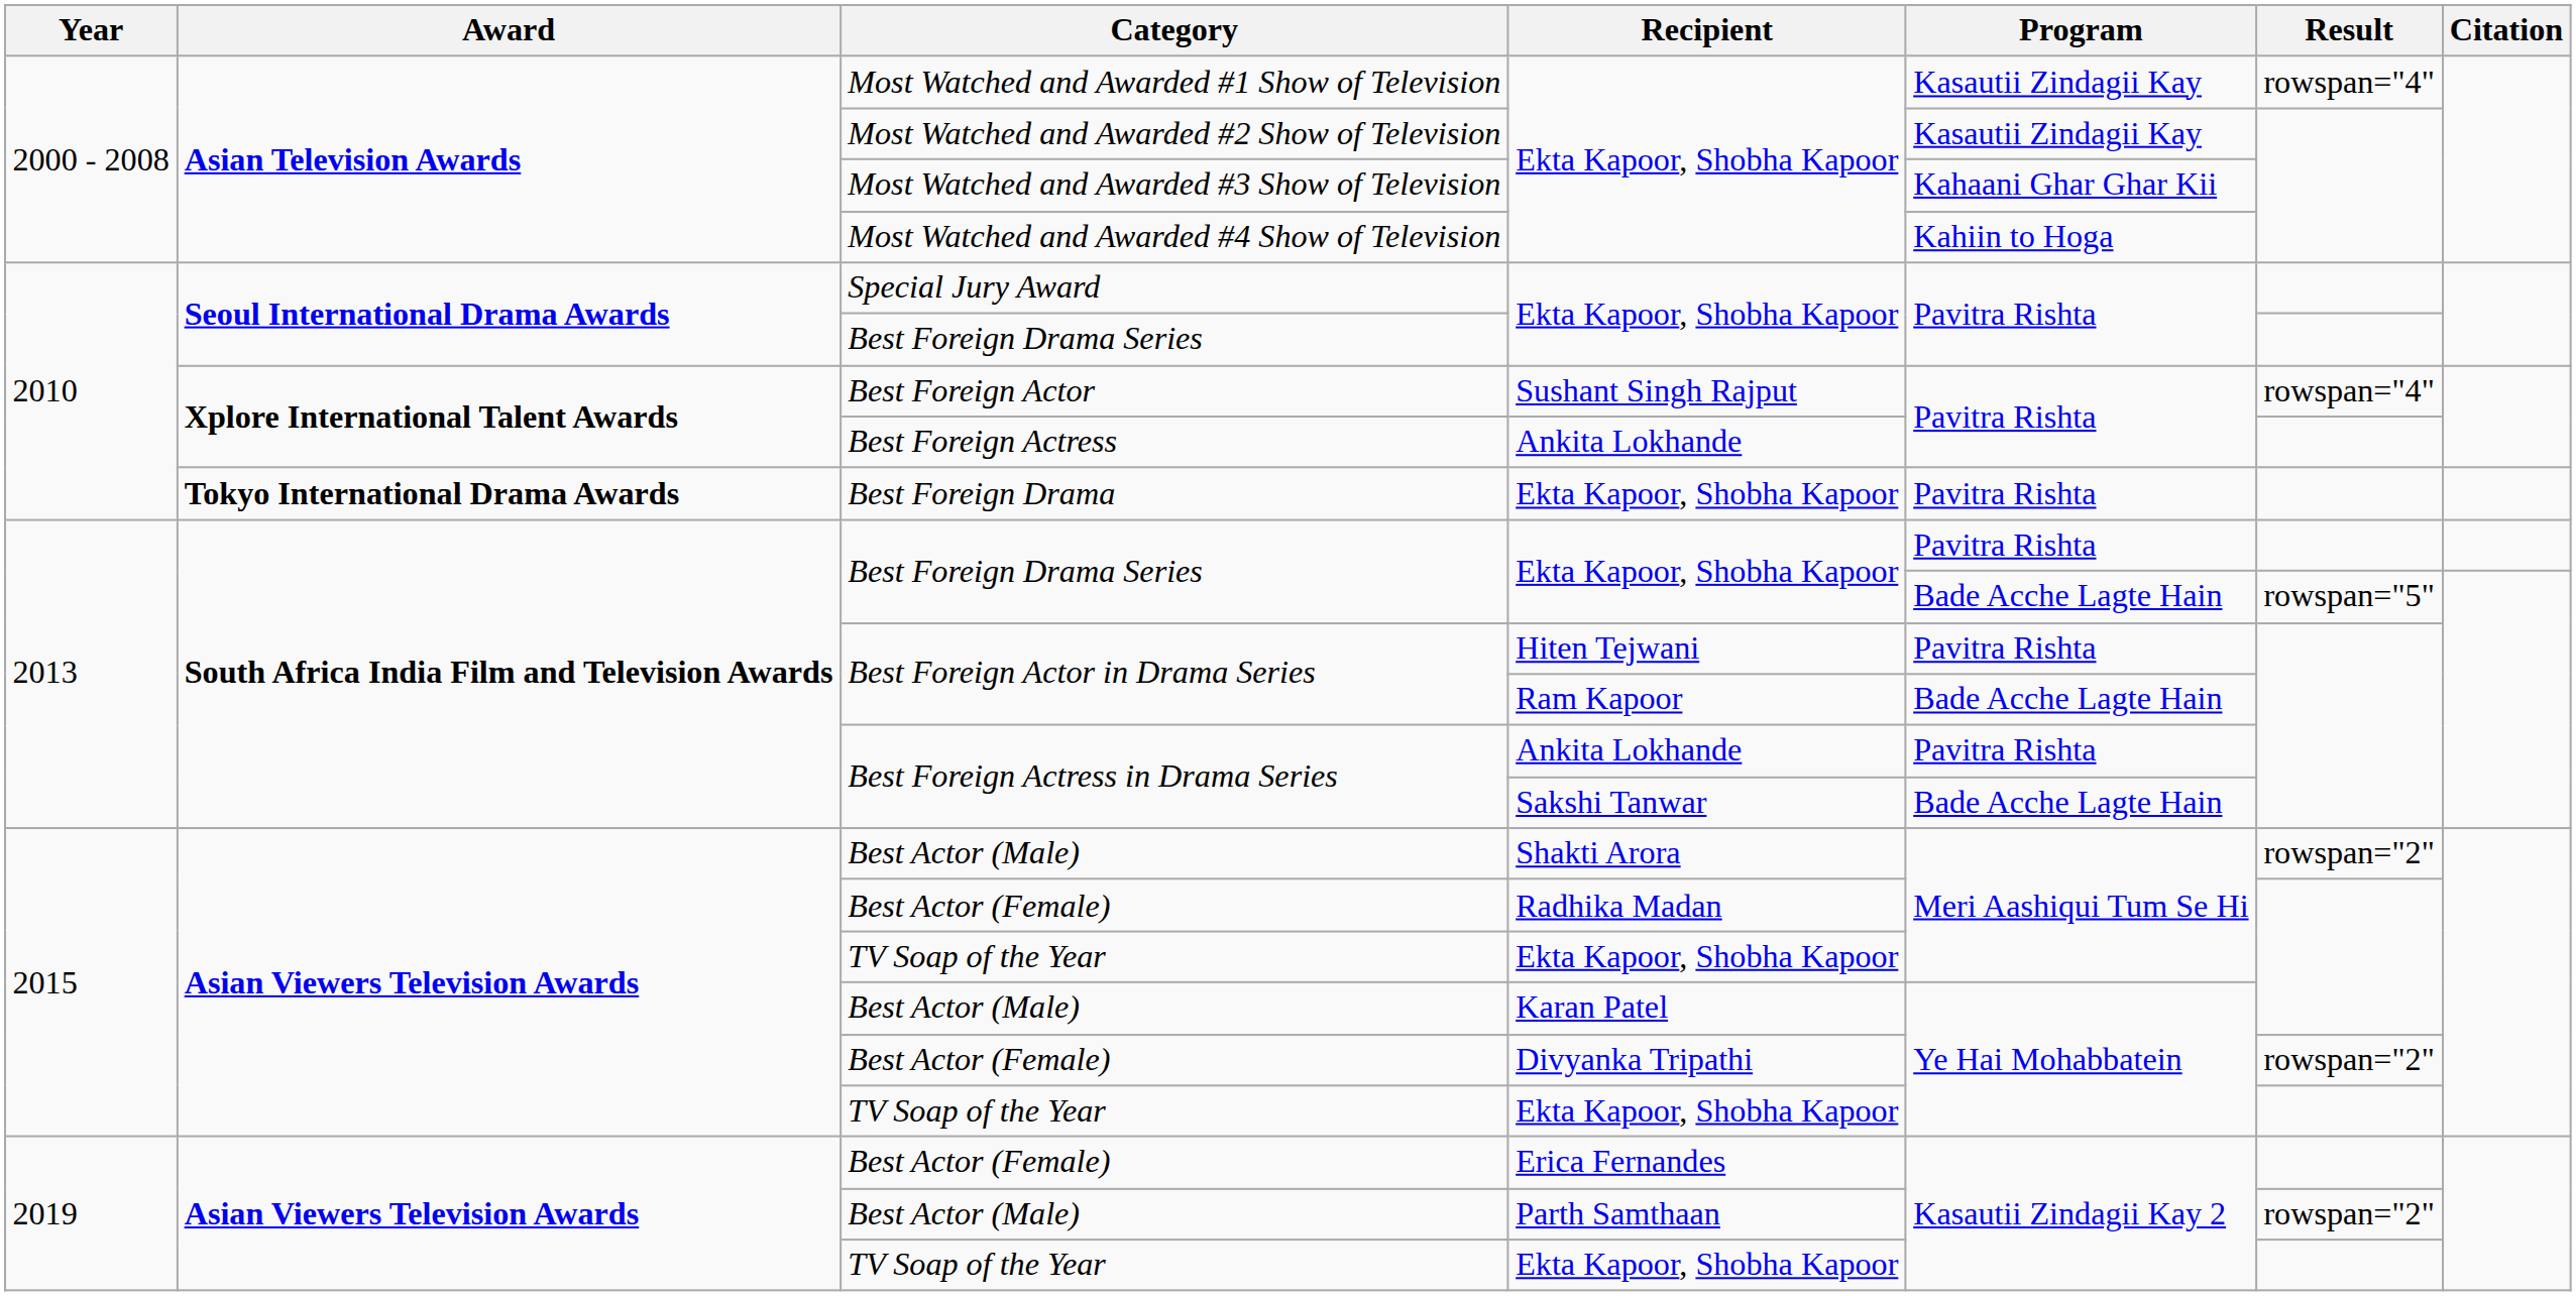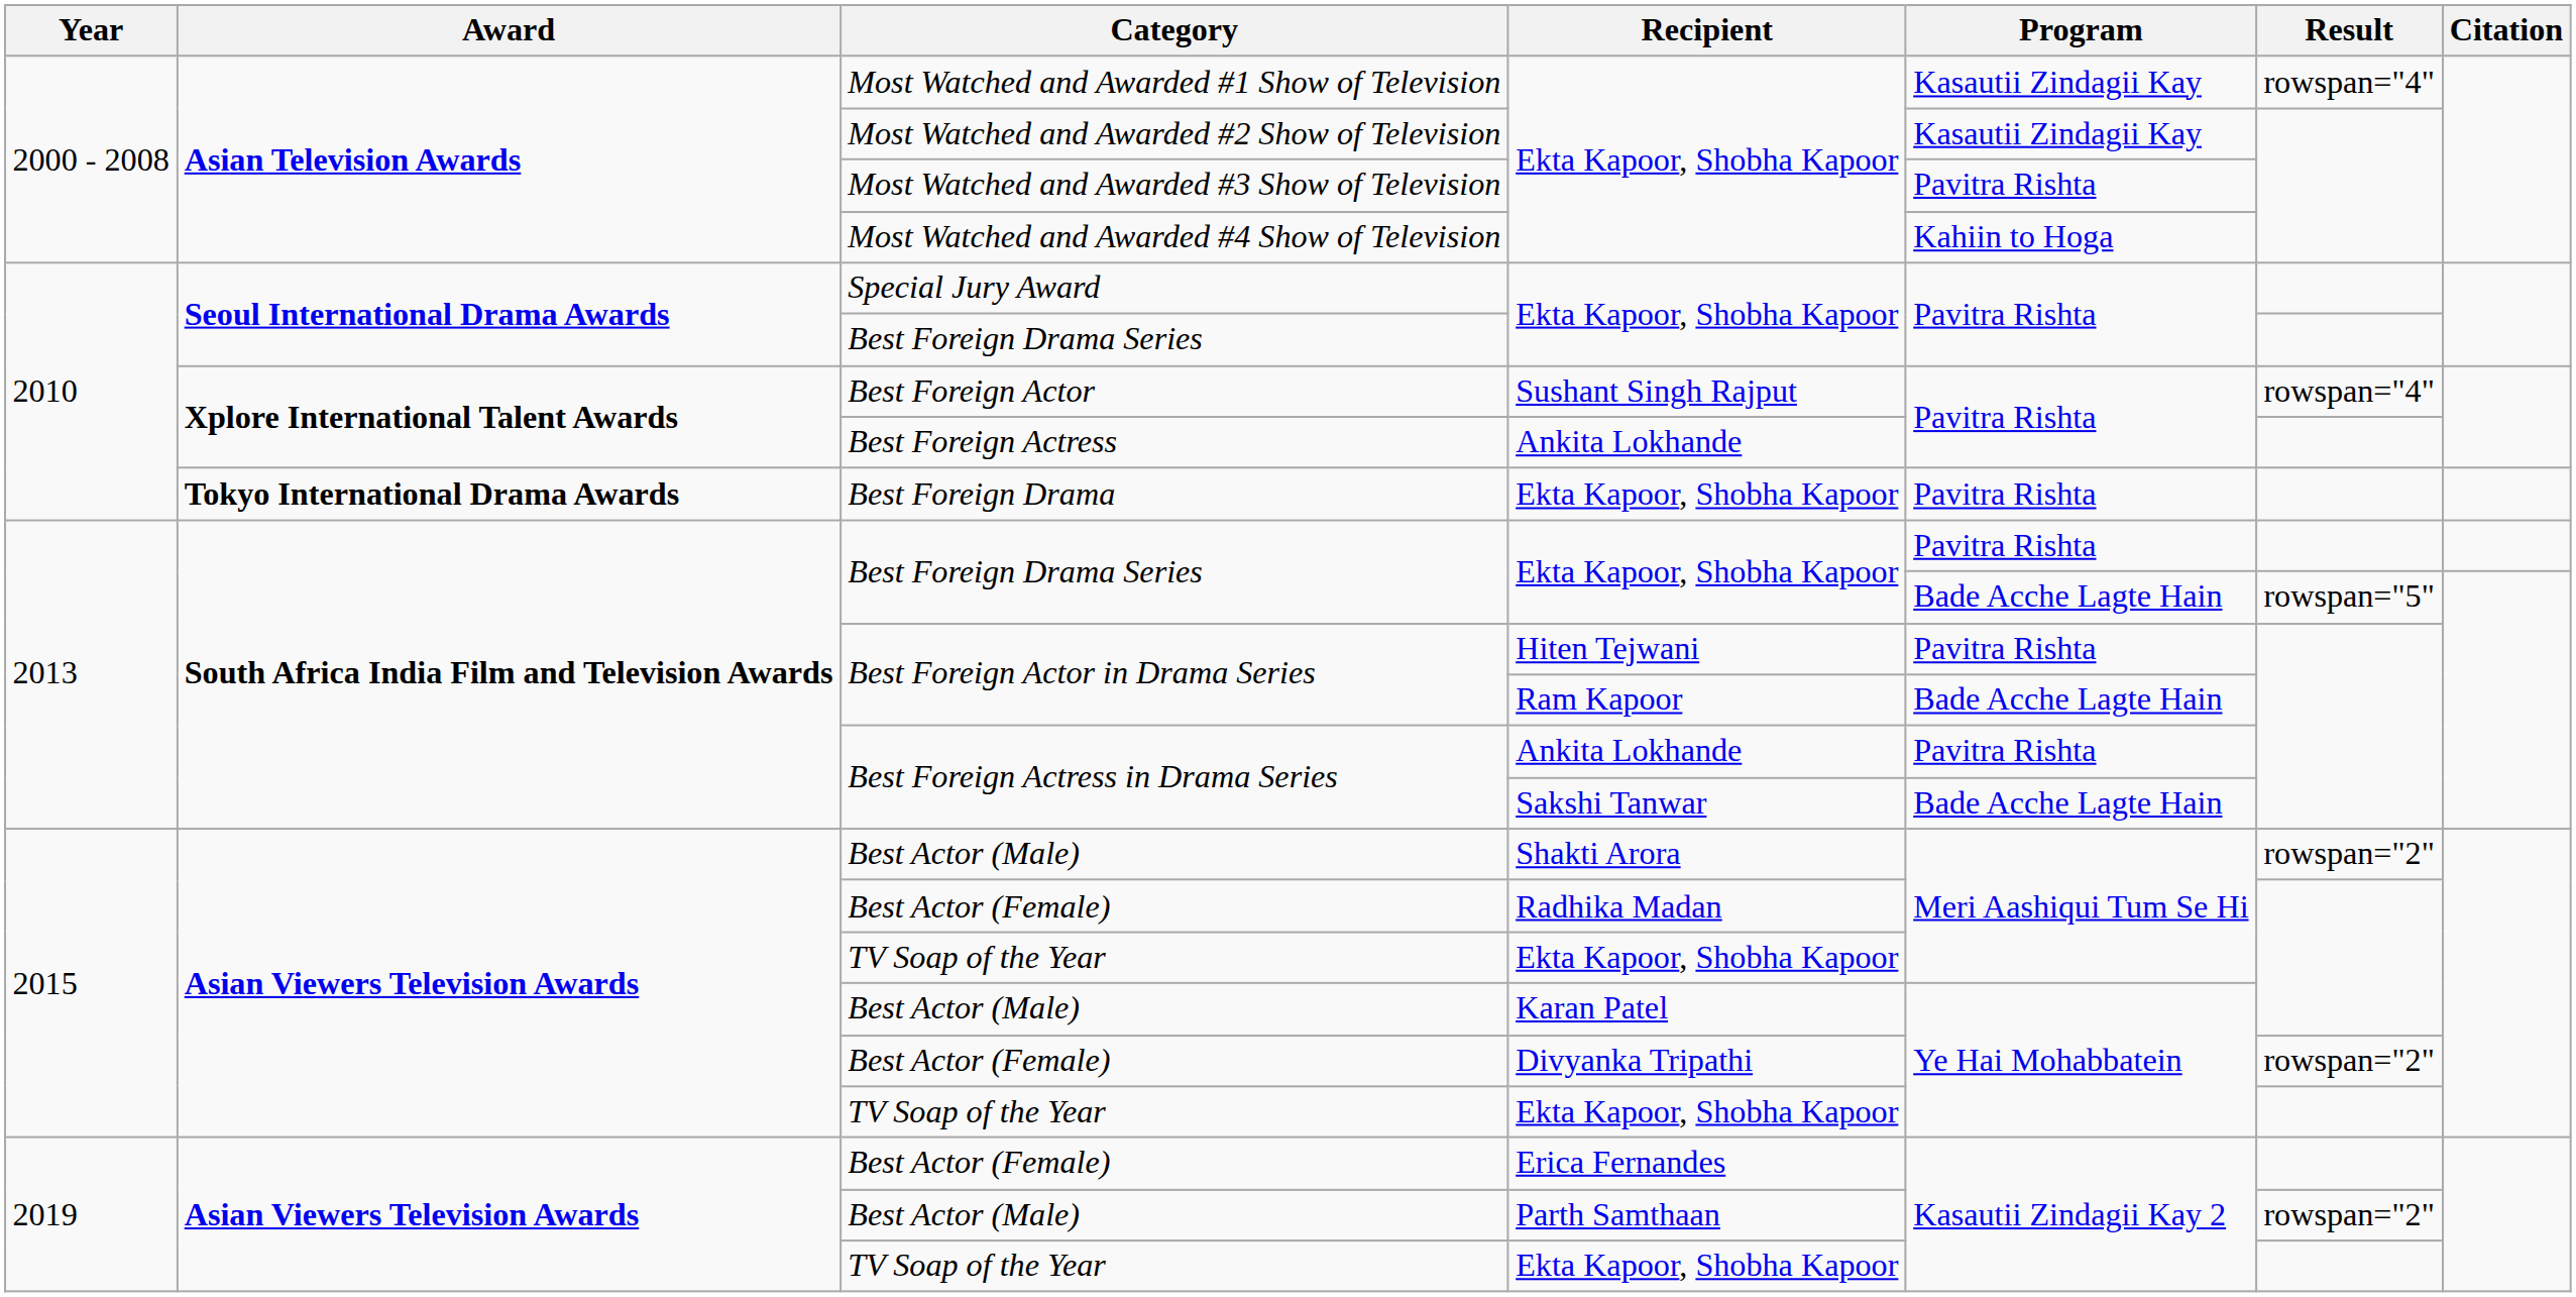 <table class="wikitable">
 <tr>
 <th>Year</th>
 <th>Award</th>
 <th>Category</th>
 <th>Recipient</th>
 <th>Program</th>
 <th>Result</th>
 <th>Citation</th>
 </tr>
 <tr>
 <td rowspan="4">2000 - 2008</td>
 <td rowspan="4"><strong><a href='#'>Asian Television Awards</a></strong></td>
 <td><em>Most Watched and Awarded #1 Show of Television</em></td>
 <td rowspan="4"><a href='#'>Ekta Kapoor</a>, <a href='#'>Shobha Kapoor</a></td>
 <td><a href='#'>Kasautii Zindagii Kay</a></td>
 <td>rowspan="4" </td>
 <td rowspan="4"></td>
 </tr>
 <tr>
 <td><em>Most Watched and Awarded #2 Show of Television</em></td>
 <td><a href='#'>Kasautii Zindagii Kay</a></td>
 </tr>
 <tr>
 <td><em>Most Watched and Awarded #3 Show of Television</em></td>
-<td><a href='#'>Kahaani Ghar Ghar Kii</a></td>
+<td><a href='#'>Pavitra Rishta</a></td>
 </tr>
 <tr>
 <td><em>Most Watched and Awarded #4 Show of Television</em></td>
 <td><a href='#'>Kahiin to Hoga</a></td>
 </tr>
 <tr>
 <td rowspan="5">2010</td>
 <td rowspan="2"><strong><a href='#'>Seoul International Drama Awards</a></strong></td>
 <td><em>Special Jury Award</em></td>
 <td rowspan="2"><a href='#'>Ekta Kapoor</a>, <a href='#'>Shobha Kapoor</a></td>
 <td rowspan="2"><a href='#'>Pavitra Rishta</a></td>
 <td></td>
 <td rowspan="2"></td>
 </tr>
 <tr>
 <td><em>Best Foreign Drama Series</em></td>
 <td></td>
 </tr>
 <tr>
 <td rowspan="2"><strong>Xplore International Talent Awards</strong></td>
 <td><em>Best Foreign Actor</em></td>
 <td><a href='#'>Sushant Singh Rajput</a></td>
 <td rowspan="2"><a href='#'>Pavitra Rishta</a></td>
 <td>rowspan="4" </td>
 <td rowspan="2"></td>
 </tr>
 <tr>
 <td><em>Best Foreign Actress</em></td>
 <td><a href='#'>Ankita Lokhande</a></td>
 </tr>
 <tr>
 <td><strong>Tokyo International Drama Awards</strong></td>
 <td><em>Best Foreign Drama</em></td>
 <td><a href='#'>Ekta Kapoor</a>, <a href='#'>Shobha Kapoor</a></td>
 <td><a href='#'>Pavitra Rishta</a></td>
 <td></td>
 <td></td>
 </tr>
 <tr>
 <td rowspan="6">2013</td>
 <td rowspan="6"><strong>South Africa India Film and Television Awards</strong></td>
 <td rowspan="2"><em>Best Foreign Drama Series</em></td>
 <td rowspan="2"><a href='#'>Ekta Kapoor</a>, <a href='#'>Shobha Kapoor</a></td>
 <td><a href='#'>Pavitra Rishta</a></td>
 <td></td>
 <td></td>
 </tr>
 <tr>
 <td><a href='#'>Bade Acche Lagte Hain</a></td>
 <td>rowspan="5" </td>
 <td rowspan="5"></td>
 </tr>
 <tr>
 <td rowspan="2"><em>Best Foreign Actor in Drama Series</em></td>
 <td><a href='#'>Hiten Tejwani</a></td>
 <td><a href='#'>Pavitra Rishta</a></td>
 </tr>
 <tr>
 <td><a href='#'>Ram Kapoor</a></td>
 <td><a href='#'>Bade Acche Lagte Hain</a></td>
 </tr>
 <tr>
 <td rowspan="2"><em>Best Foreign Actress in Drama Series</em></td>
 <td><a href='#'>Ankita Lokhande</a></td>
 <td><a href='#'>Pavitra Rishta</a></td>
 </tr>
 <tr>
 <td><a href='#'>Sakshi Tanwar</a></td>
 <td><a href='#'>Bade Acche Lagte Hain</a></td>
 </tr>
 <tr>
 <td rowspan="6">2015</td>
 <td rowspan="6"><strong><a href='#'>Asian Viewers Television Awards</a></strong></td>
 <td><em>Best Actor (Male)</em></td>
 <td><a href='#'>Shakti Arora</a></td>
 <td rowspan="3"><a href='#'>Meri Aashiqui Tum Se Hi</a></td>
 <td>rowspan="2" </td>
 <td rowspan="6"></td>
 </tr>
 <tr>
 <td><em>Best Actor (Female)</em></td>
 <td><a href='#'>Radhika Madan</a></td>
 </tr>
 <tr>
 <td><em>TV Soap of the Year</em></td>
 <td><a href='#'>Ekta Kapoor</a>, <a href='#'>Shobha Kapoor</a></td>
 </tr>
 <tr>
 <td><em>Best Actor (Male)</em></td>
 <td><a href='#'>Karan Patel</a></td>
 <td rowspan="3"><a href='#'>Ye Hai Mohabbatein</a></td>
 </tr>
 <tr>
 <td><em>Best Actor (Female)</em></td>
 <td><a href='#'>Divyanka Tripathi</a></td>
 <td>rowspan="2" </td>
 </tr>
 <tr>
 <td><em>TV Soap of the Year</em></td>
 <td><a href='#'>Ekta Kapoor</a>, <a href='#'>Shobha Kapoor</a></td>
 </tr>
 <tr>
 <td rowspan="3">2019</td>
 <td rowspan="3"><strong><a href='#'>Asian Viewers Television Awards</a></strong></td>
 <td><em>Best Actor (Female)</em></td>
 <td><a href='#'>Erica Fernandes</a></td>
 <td rowspan="3"><a href='#'>Kasautii Zindagii Kay 2</a></td>
 <td></td>
 <td rowspan="3"></td>
 </tr>
 <tr>
 <td><em>Best Actor (Male)</em></td>
 <td><a href='#'>Parth Samthaan</a></td>
 <td>rowspan="2" </td>
 </tr>
 <tr>
 <td><em>TV Soap of the Year</em></td>
 <td><a href='#'>Ekta Kapoor</a>, <a href='#'>Shobha Kapoor</a></td>
 </tr>
 </table>
